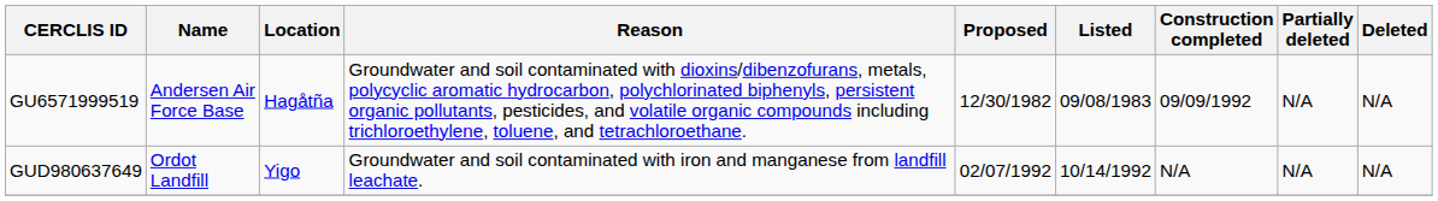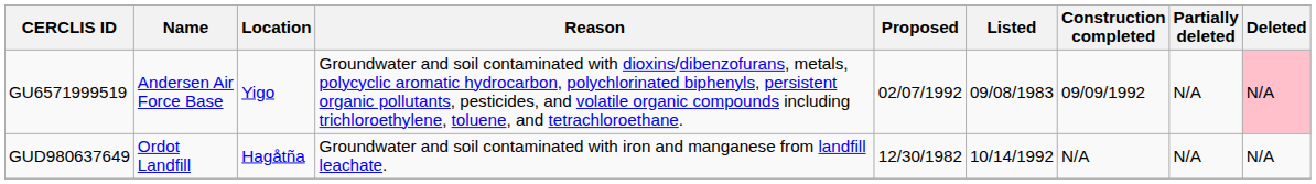 <table class="wikitable sortable">
 <tr>
 <th>CERCLIS ID</th>
 <th>Name</th>
 <th>Location</th>
 <th>Reason</th>
 <th>Proposed</th>
 <th>Listed</th>
 <th>Construction<br>completed</th>
 <th>Partially<br>deleted</th>
 <th>Deleted</th>
 </tr>
 <tr>
 <td>GU6571999519</td>
 <td><a href='#'>Andersen Air Force Base</a></td>
-<td><a href='#'>Hagåtña</a></td>
+<td><a href='#'>Yigo</a></td>
 <td>Groundwater and soil contaminated with <a href='#'>dioxins</a>/<a href='#'>dibenzofurans</a>, metals, <a href='#'>polycyclic aromatic hydrocarbon</a>, <a href='#'>polychlorinated biphenyls</a>, <a href='#'>persistent organic pollutants</a>, pesticides, and <a href='#'>volatile organic compounds</a> including <a href='#'>trichloroethylene</a>, <a href='#'>toluene</a>, and <a href='#'>tetrachloroethane</a>.</td>
-<td>12/30/1982</td>
+<td>02/07/1992</td>
 <td>09/08/1983</td>
 <td>09/09/1992</td>
 <td>N/A</td>
-<td>N/A</td>
+<td style="background: pink;">N/A</td>
 </tr>
 <tr>
 <td>GUD980637649</td>
 <td><a href='#'>Ordot Landfill</a></td>
-<td><a href='#'>Yigo</a></td>
+<td><a href='#'>Hagåtña</a></td>
 <td>Groundwater and soil contaminated with iron and manganese from <a href='#'>landfill</a> <a href='#'>leachate</a>.</td>
-<td>02/07/1992</td>
+<td>12/30/1982</td>
 <td>10/14/1992</td>
 <td>N/A</td>
 <td>N/A</td>
 <td>N/A</td>
 </tr>
 <tr>
 </tr>
 </table>
